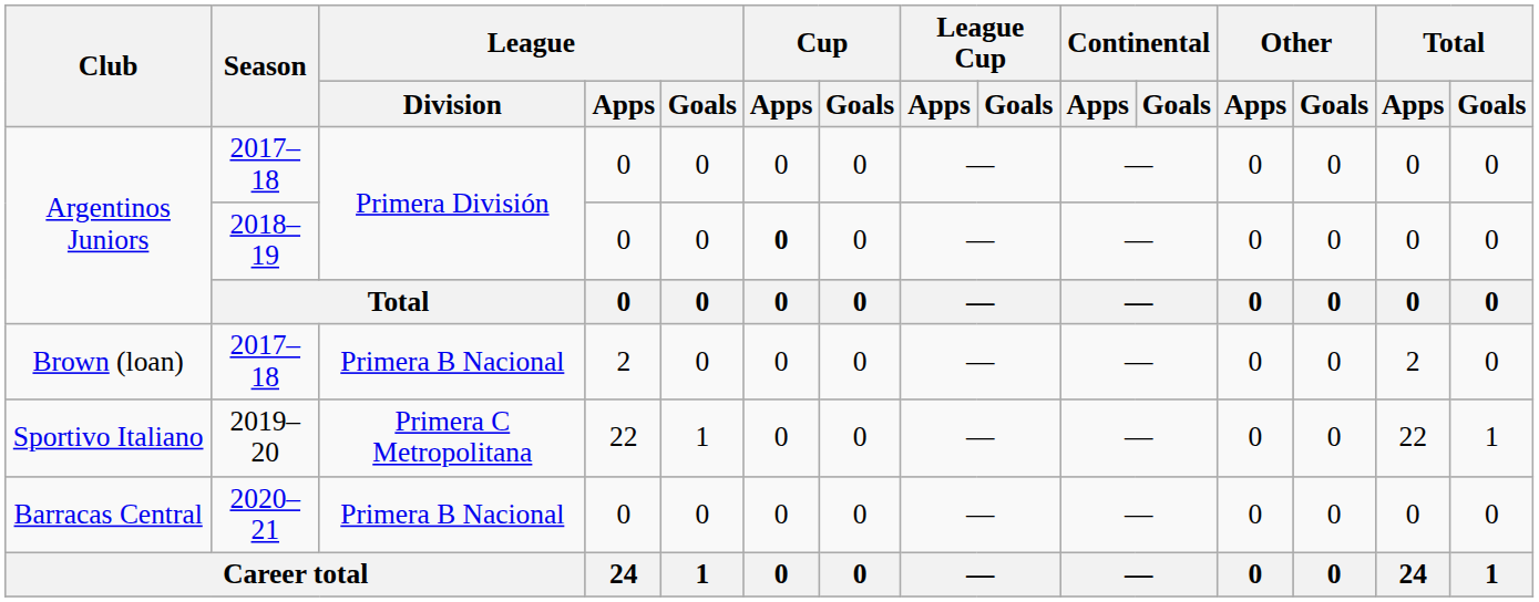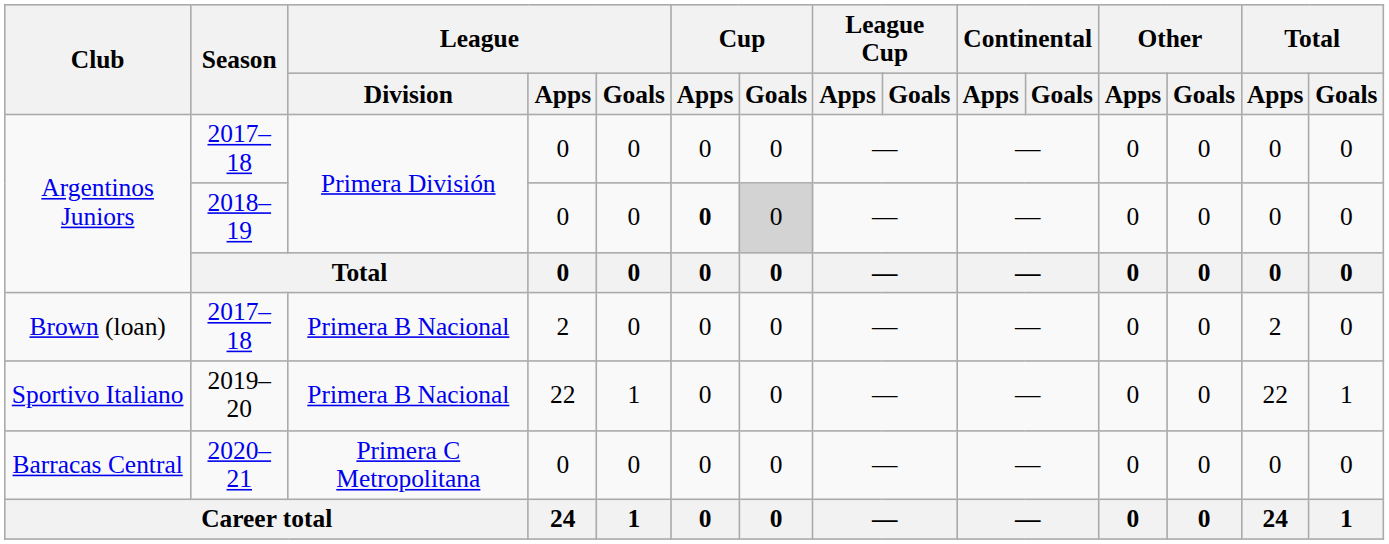 <table class="wikitable" style="text-align:center">
 <tr>
 <th rowspan="2">Club</th>
 <th rowspan="2">Season</th>
 <th colspan="3">League</th>
 <th colspan="2">Cup</th>
 <th colspan="2">League Cup</th>
 <th colspan="2">Continental</th>
 <th colspan="2">Other</th>
 <th colspan="2">Total</th>
 </tr>
 <tr>
 <th>Division</th>
 <th>Apps</th>
 <th>Goals</th>
 <th>Apps</th>
 <th>Goals</th>
 <th>Apps</th>
 <th>Goals</th>
 <th>Apps</th>
 <th>Goals</th>
 <th>Apps</th>
 <th>Goals</th>
 <th>Apps</th>
 <th>Goals</th>
 </tr>
 <tr>
 <td rowspan="3"><a href='#'>Argentinos Juniors</a></td>
 <td><a href='#'>2017–18</a></td>
 <td rowspan="2"><a href='#'>Primera División</a></td>
 <td>0</td>
 <td>0</td>
 <td>0</td>
 <td>0</td>
 <td colspan="2">—</td>
 <td colspan="2">—</td>
 <td>0</td>
 <td>0</td>
 <td>0</td>
 <td>0</td>
 </tr>
 <tr>
 <td><a href='#'>2018–19</a></td>
 <td>0</td>
 <td>0</td>
 <td><strong>0</strong></td>
-<td>0</td>
+<td style="background: lightgrey;">0</td>
 <td colspan="2">—</td>
 <td colspan="2">—</td>
 <td>0</td>
 <td>0</td>
 <td>0</td>
 <td>0</td>
 </tr>
 <tr>
 <th colspan="2">Total</th>
 <th>0</th>
 <th>0</th>
 <th>0</th>
 <th>0</th>
 <th colspan="2">—</th>
 <th colspan="2">—</th>
 <th>0</th>
 <th>0</th>
 <th>0</th>
 <th>0</th>
 </tr>
 <tr>
 <td rowspan="1"><a href='#'>Brown</a> (loan)</td>
 <td><a href='#'>2017–18</a></td>
 <td rowspan="1"><a href='#'>Primera B Nacional</a></td>
 <td>2</td>
 <td>0</td>
 <td>0</td>
 <td>0</td>
 <td colspan="2">—</td>
 <td colspan="2">—</td>
 <td>0</td>
 <td>0</td>
 <td>2</td>
 <td>0</td>
 </tr>
 <tr>
 <td rowspan="1"><a href='#'>Sportivo Italiano</a></td>
 <td>2019–20</td>
-<td rowspan="1"><a href='#'>Primera C Metropolitana</a></td>
+<td rowspan="1"><a href='#'>Primera B Nacional</a></td>
 <td>22</td>
 <td>1</td>
 <td>0</td>
 <td>0</td>
 <td colspan="2">—</td>
 <td colspan="2">—</td>
 <td>0</td>
 <td>0</td>
 <td>22</td>
 <td>1</td>
 </tr>
 <tr>
 <td rowspan="1"><a href='#'>Barracas Central</a></td>
 <td><a href='#'>2020–21</a></td>
-<td rowspan="1"><a href='#'>Primera B Nacional</a></td>
+<td rowspan="1"><a href='#'>Primera C Metropolitana</a></td>
 <td>0</td>
 <td>0</td>
 <td>0</td>
 <td>0</td>
 <td colspan="2">—</td>
 <td colspan="2">—</td>
 <td>0</td>
 <td>0</td>
 <td>0</td>
 <td>0</td>
 </tr>
 <tr>
 <th colspan="3">Career total</th>
 <th>24</th>
 <th>1</th>
 <th>0</th>
 <th>0</th>
 <th colspan="2">—</th>
 <th colspan="2">—</th>
 <th>0</th>
 <th>0</th>
 <th>24</th>
 <th>1</th>
 </tr>
 </table>
